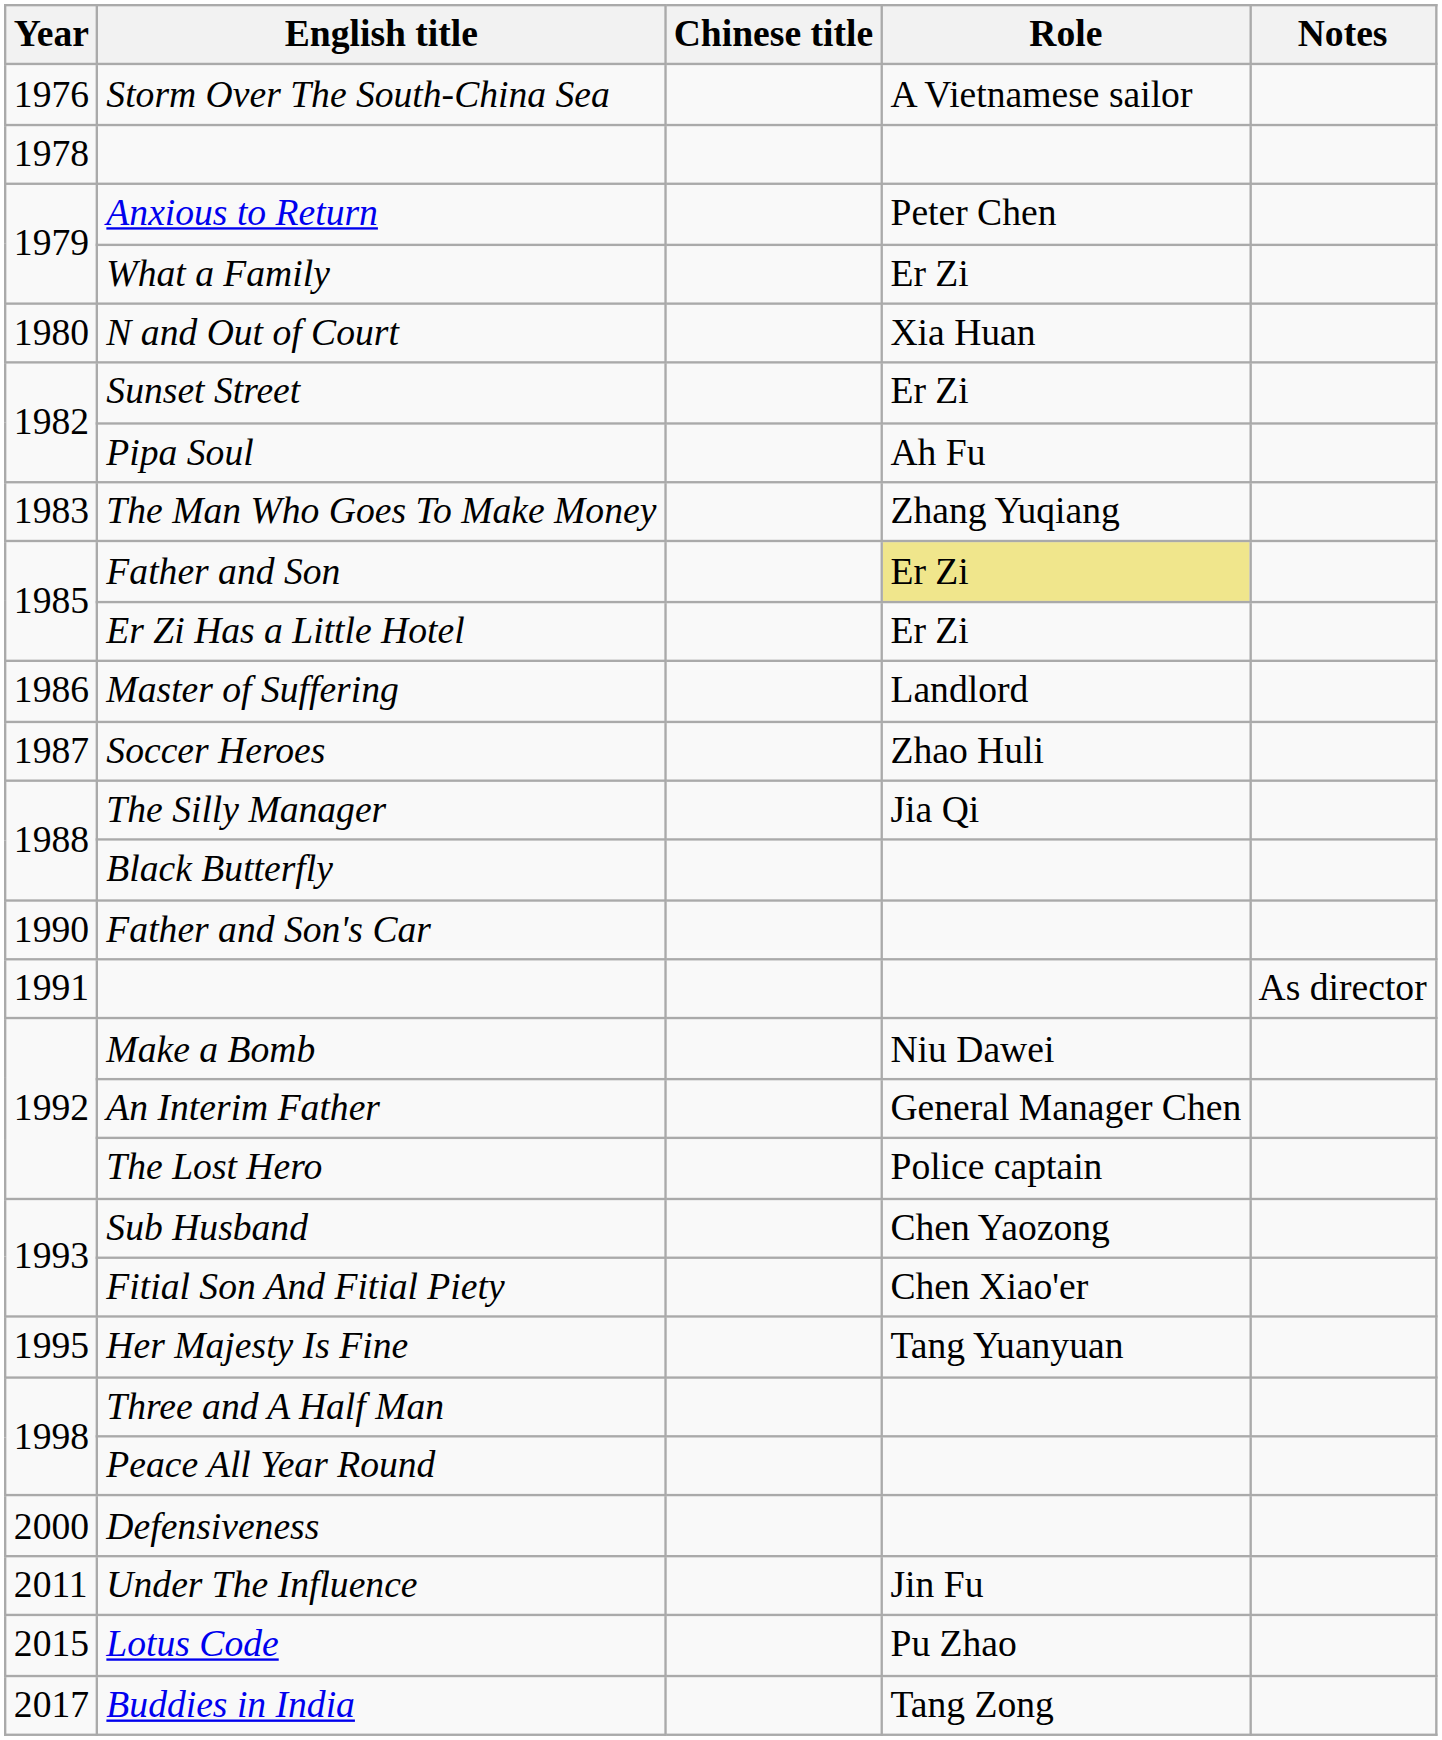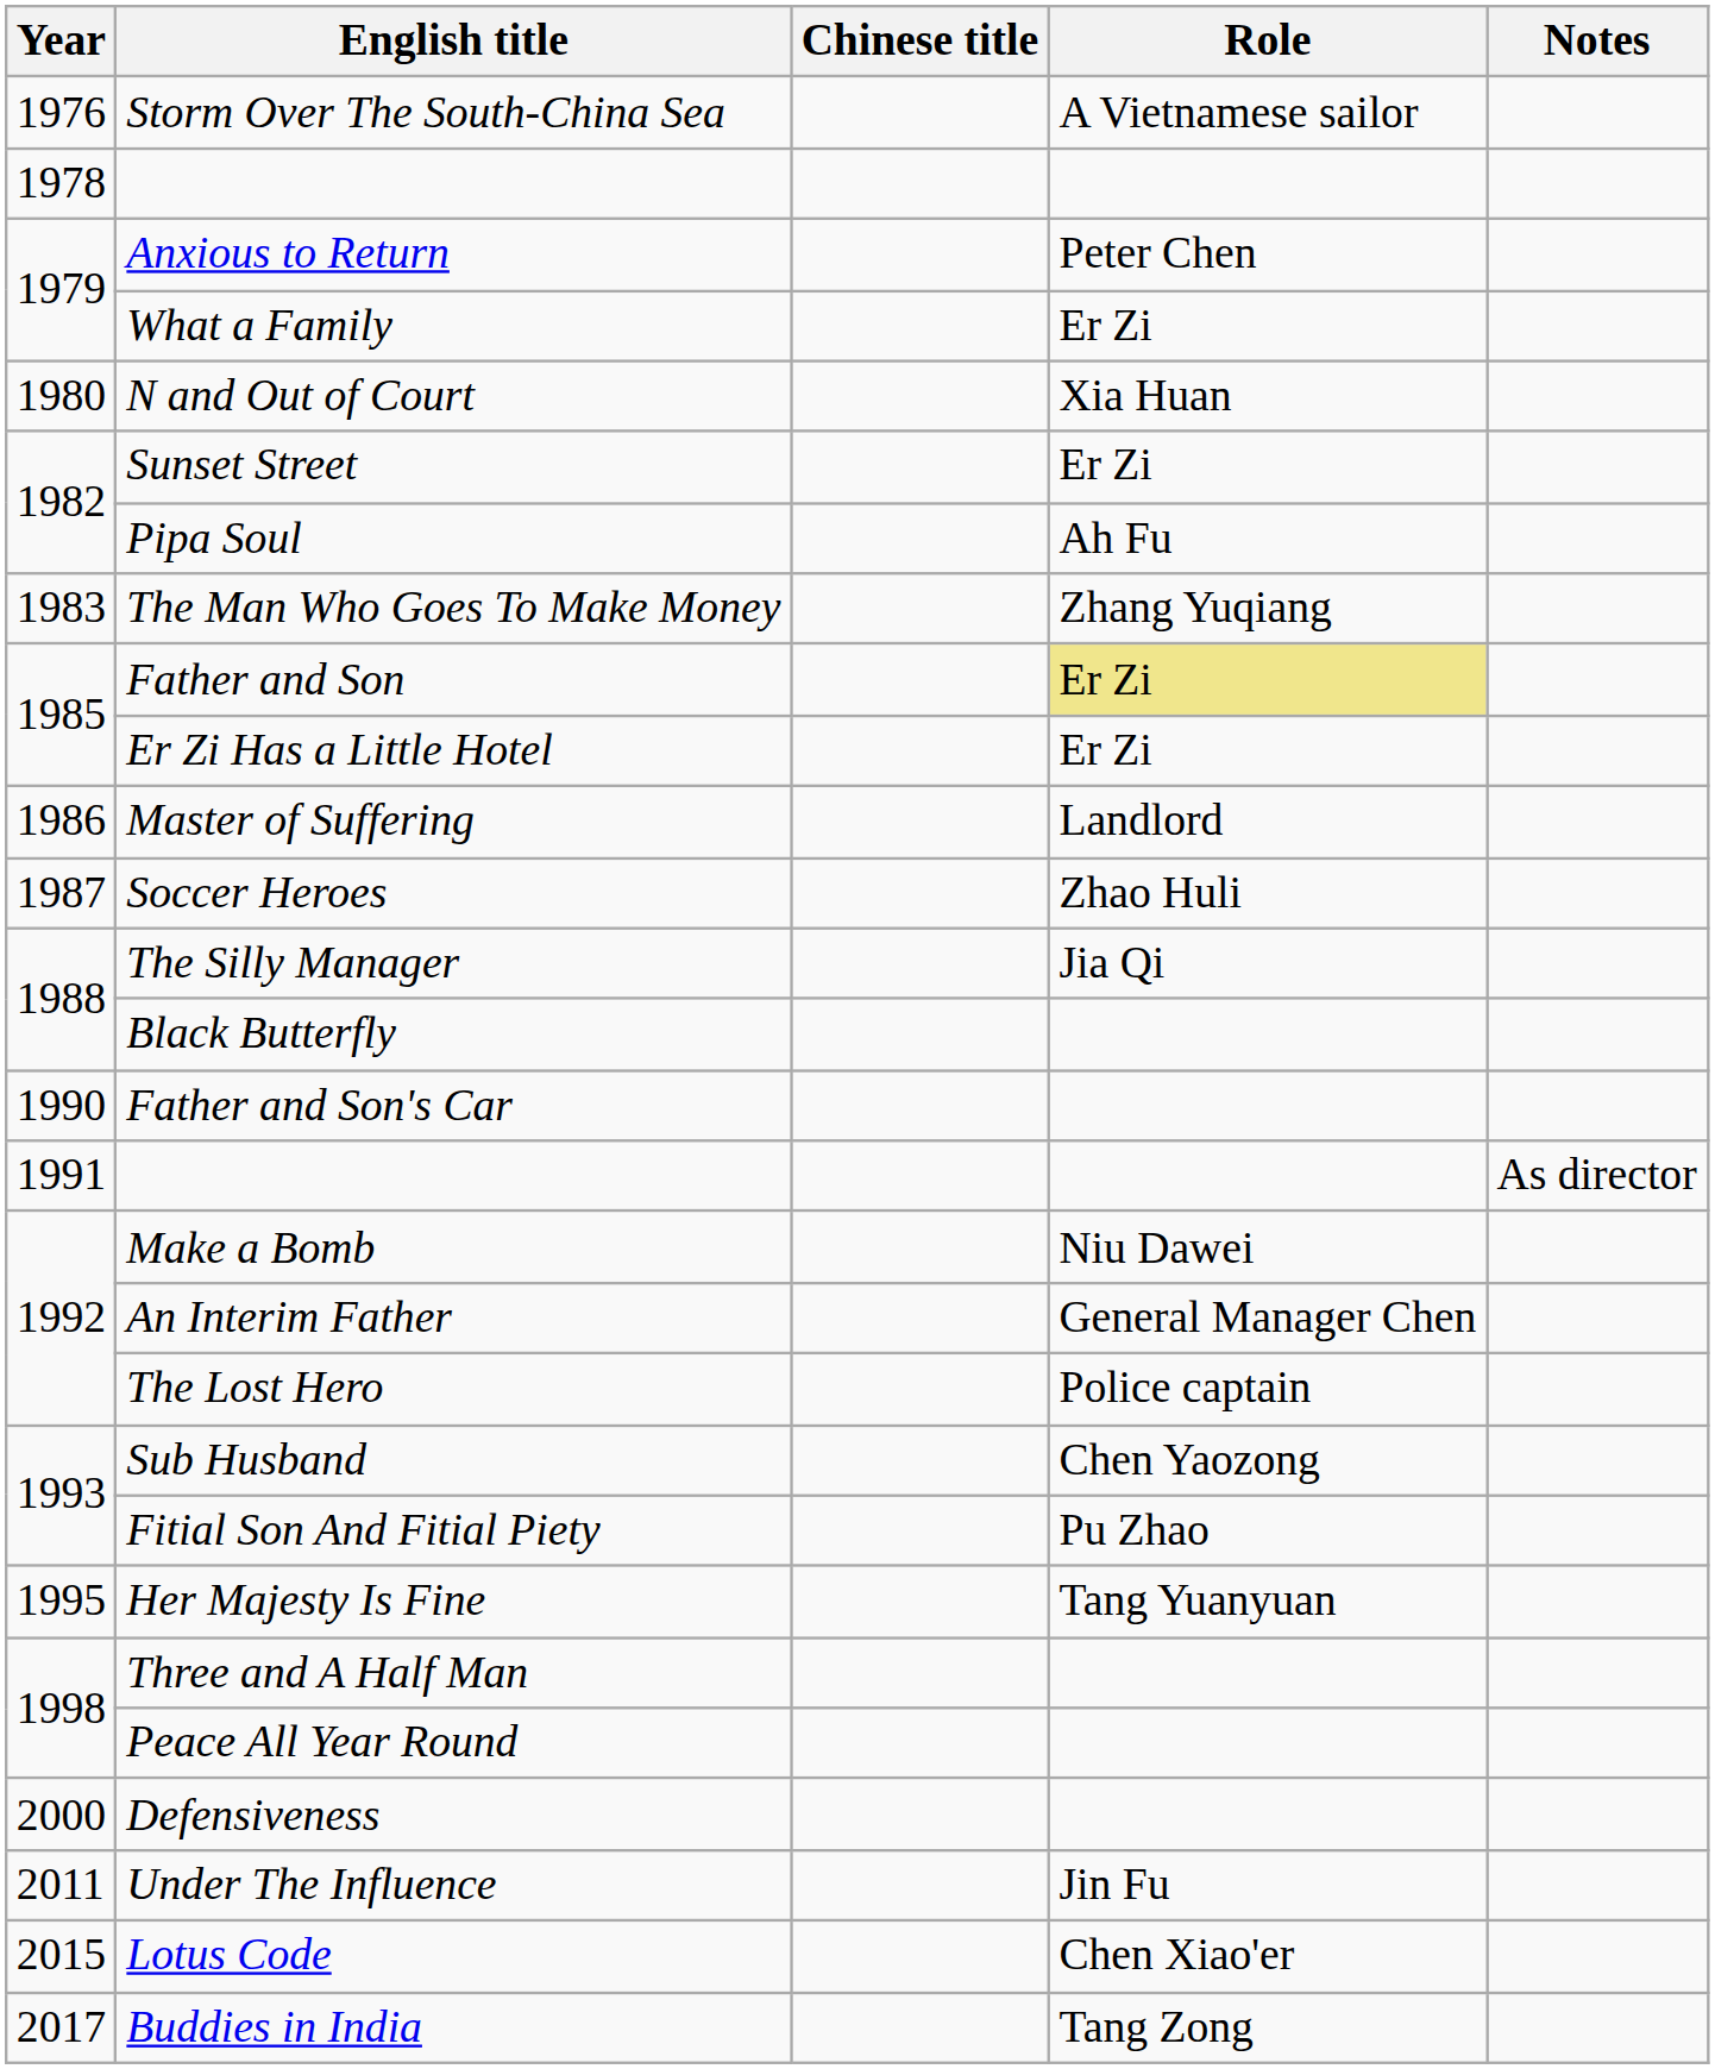 <table class="wikitable">
 <tr>
 <th>Year</th>
 <th>English title</th>
 <th>Chinese title</th>
 <th>Role</th>
 <th>Notes</th>
 </tr>
 <tr>
 <td>1976</td>
 <td><em>Storm Over The South-China Sea</em></td>
 <td></td>
 <td>A Vietnamese sailor</td>
 <td></td>
 </tr>
 <tr>
 <td>1978</td>
 <td></td>
 <td></td>
 <td></td>
 <td></td>
 </tr>
 <tr>
 <td rowspan=2>1979</td>
 <td><em><a href='#'>Anxious to Return</a></em></td>
 <td></td>
 <td>Peter Chen</td>
 <td></td>
 </tr>
 <tr>
 <td><em>What a Family</em></td>
 <td></td>
 <td>Er Zi</td>
 <td></td>
 </tr>
 <tr>
 <td>1980</td>
 <td><em>N and Out of Court</em></td>
 <td></td>
 <td>Xia Huan</td>
 <td></td>
 </tr>
 <tr>
 <td rowspan=2>1982</td>
 <td><em>Sunset Street</em></td>
 <td></td>
 <td>Er Zi</td>
 <td></td>
 </tr>
 <tr>
 <td><em>Pipa Soul</em></td>
 <td></td>
 <td>Ah Fu</td>
 <td></td>
 </tr>
 <tr>
 <td>1983</td>
 <td><em>The Man Who Goes To Make Money</em></td>
 <td></td>
 <td>Zhang Yuqiang</td>
 <td></td>
 </tr>
 <tr>
 <td rowspan=2>1985</td>
 <td><em>Father and Son</em></td>
 <td></td>
 <td style="background: khaki;">Er Zi</td>
 <td></td>
 </tr>
 <tr>
 <td><em>Er Zi Has a Little Hotel</em></td>
 <td></td>
 <td>Er Zi</td>
 <td></td>
 </tr>
 <tr>
 <td>1986</td>
 <td><em>Master of Suffering</em></td>
 <td></td>
 <td>Landlord</td>
 <td></td>
 </tr>
 <tr>
 <td>1987</td>
 <td><em>Soccer Heroes</em></td>
 <td></td>
 <td>Zhao Huli</td>
 <td></td>
 </tr>
 <tr>
 <td rowspan=2>1988</td>
 <td><em>The Silly Manager</em></td>
 <td></td>
 <td>Jia Qi</td>
 <td></td>
 </tr>
 <tr>
 <td><em>Black Butterfly</em></td>
 <td></td>
 <td></td>
 <td></td>
 </tr>
 <tr>
 <td>1990</td>
 <td><em>Father and Son's Car</em></td>
 <td></td>
 <td></td>
 <td></td>
 </tr>
 <tr>
 <td>1991</td>
 <td></td>
 <td></td>
 <td></td>
 <td>As director</td>
 </tr>
 <tr>
 <td rowspan=3>1992</td>
 <td><em>Make a Bomb</em></td>
 <td></td>
 <td>Niu Dawei</td>
 <td></td>
 </tr>
 <tr>
 <td><em>An Interim Father</em></td>
 <td></td>
 <td>General Manager Chen</td>
 <td></td>
 </tr>
 <tr>
 <td><em>The Lost Hero</em></td>
 <td></td>
 <td>Police captain</td>
 <td></td>
 </tr>
 <tr>
 <td rowspan=2>1993</td>
 <td><em>Sub Husband</em></td>
 <td></td>
 <td>Chen Yaozong</td>
 <td></td>
 </tr>
 <tr>
 <td><em>Fitial Son And Fitial Piety</em></td>
 <td></td>
-<td>Chen Xiao'er</td>
+<td>Pu Zhao</td>
 <td></td>
 </tr>
 <tr>
 <td>1995</td>
 <td><em>Her Majesty Is Fine</em></td>
 <td></td>
 <td>Tang Yuanyuan</td>
 <td></td>
 </tr>
 <tr>
 <td rowspan=2>1998</td>
 <td><em>Three and A Half Man</em></td>
 <td></td>
 <td></td>
 <td></td>
 </tr>
 <tr>
 <td><em>Peace All Year Round</em></td>
 <td></td>
 <td></td>
 <td></td>
 </tr>
 <tr>
 <td>2000</td>
 <td><em>Defensiveness</em></td>
 <td></td>
 <td></td>
 <td></td>
 </tr>
 <tr>
 <td>2011</td>
 <td><em>Under The Influence</em></td>
 <td></td>
 <td>Jin Fu</td>
 <td></td>
 </tr>
 <tr>
 <td>2015</td>
 <td><em><a href='#'>Lotus Code</a></em></td>
 <td></td>
-<td>Pu Zhao</td>
+<td>Chen Xiao'er</td>
 <td></td>
 </tr>
 <tr>
 <td>2017</td>
 <td><em><a href='#'>Buddies in India</a></em></td>
 <td></td>
 <td>Tang Zong</td>
 <td></td>
 </tr>
 </table>
